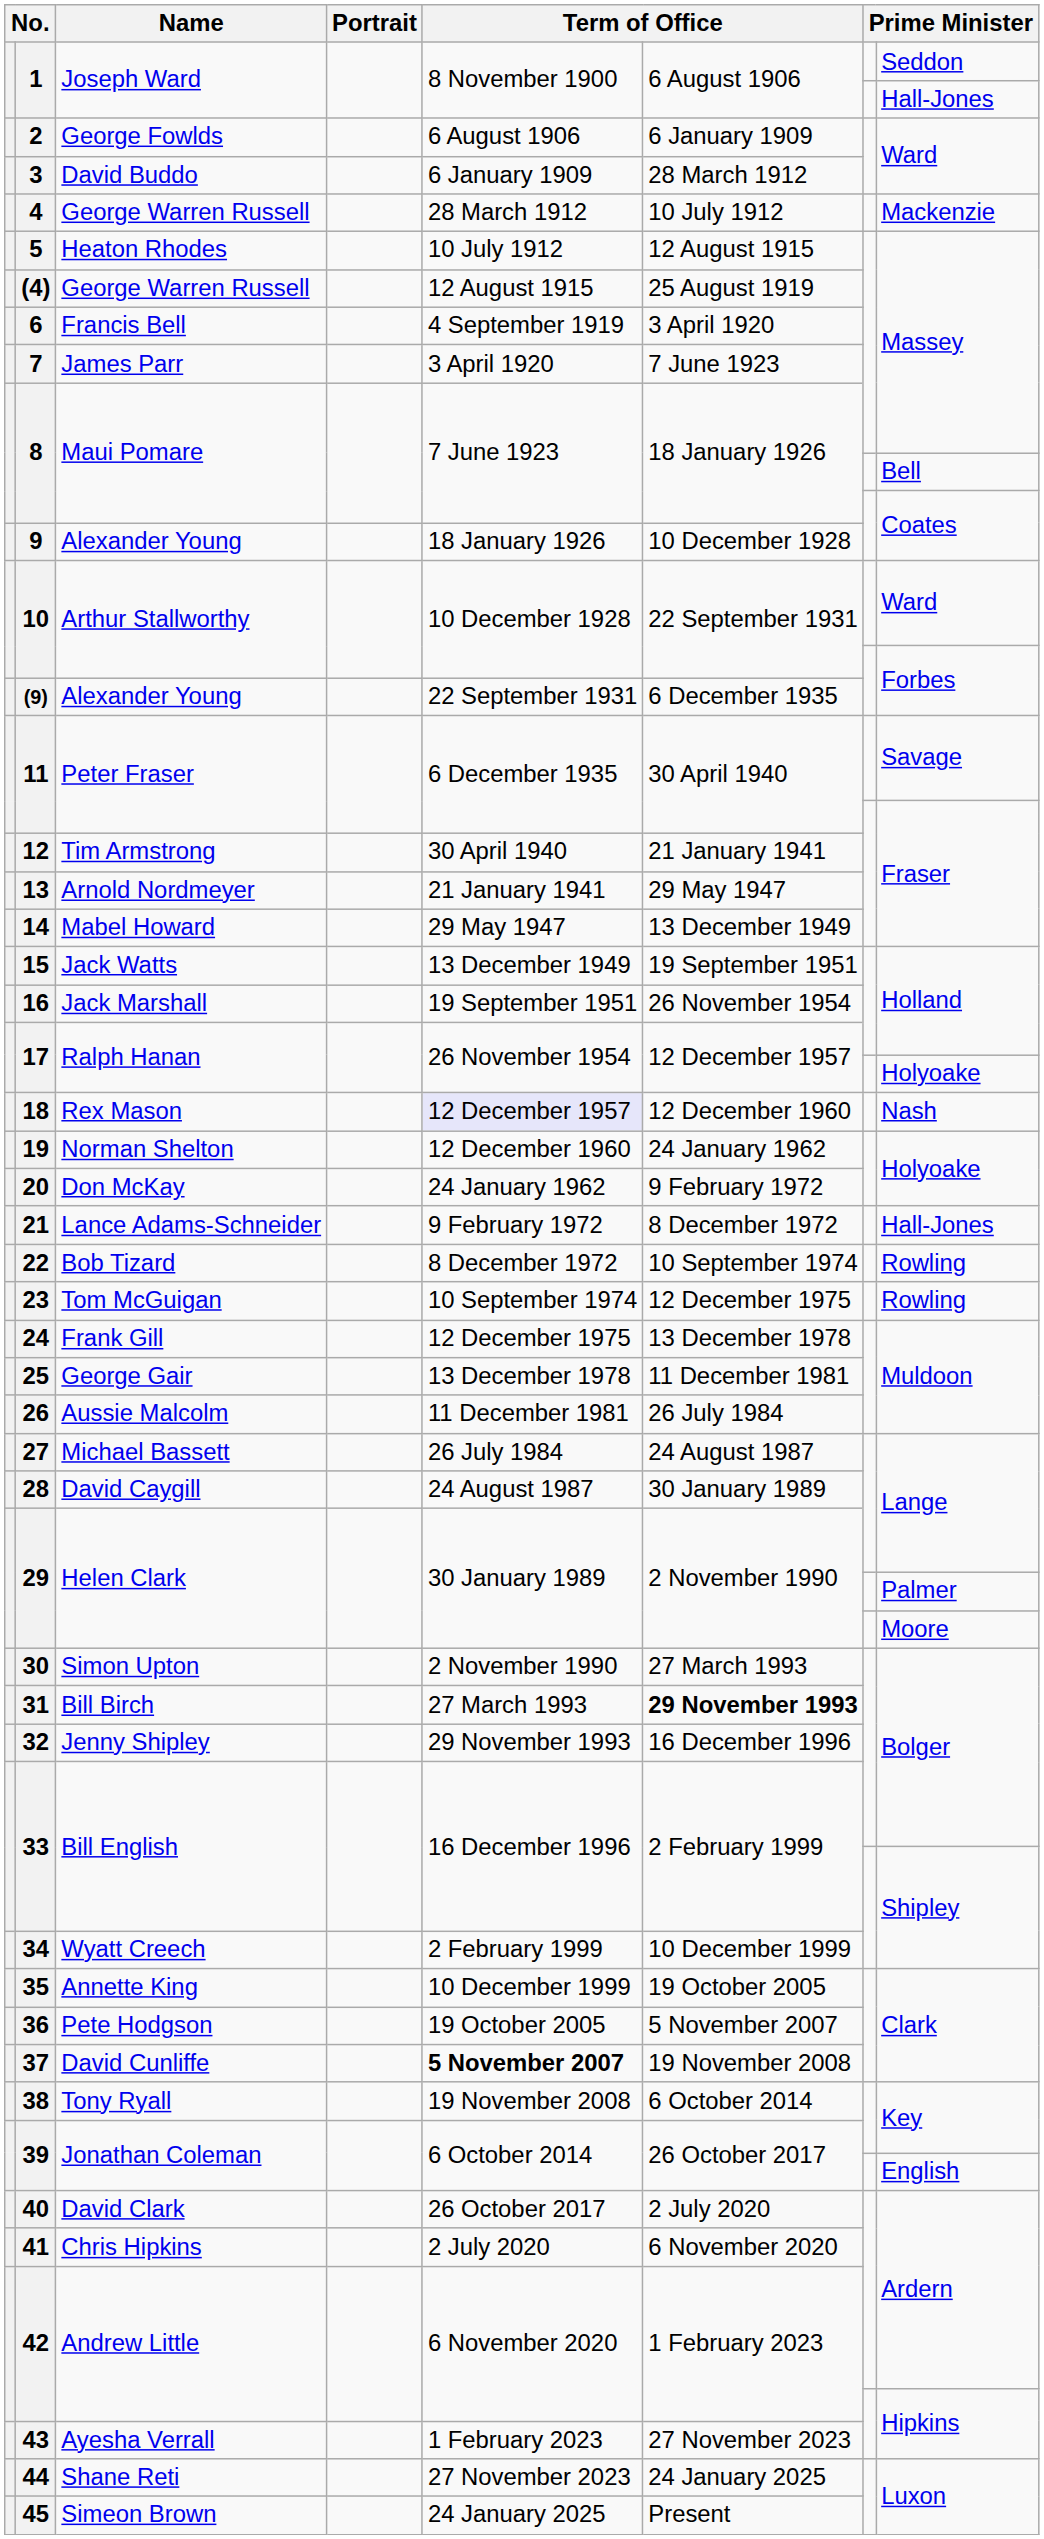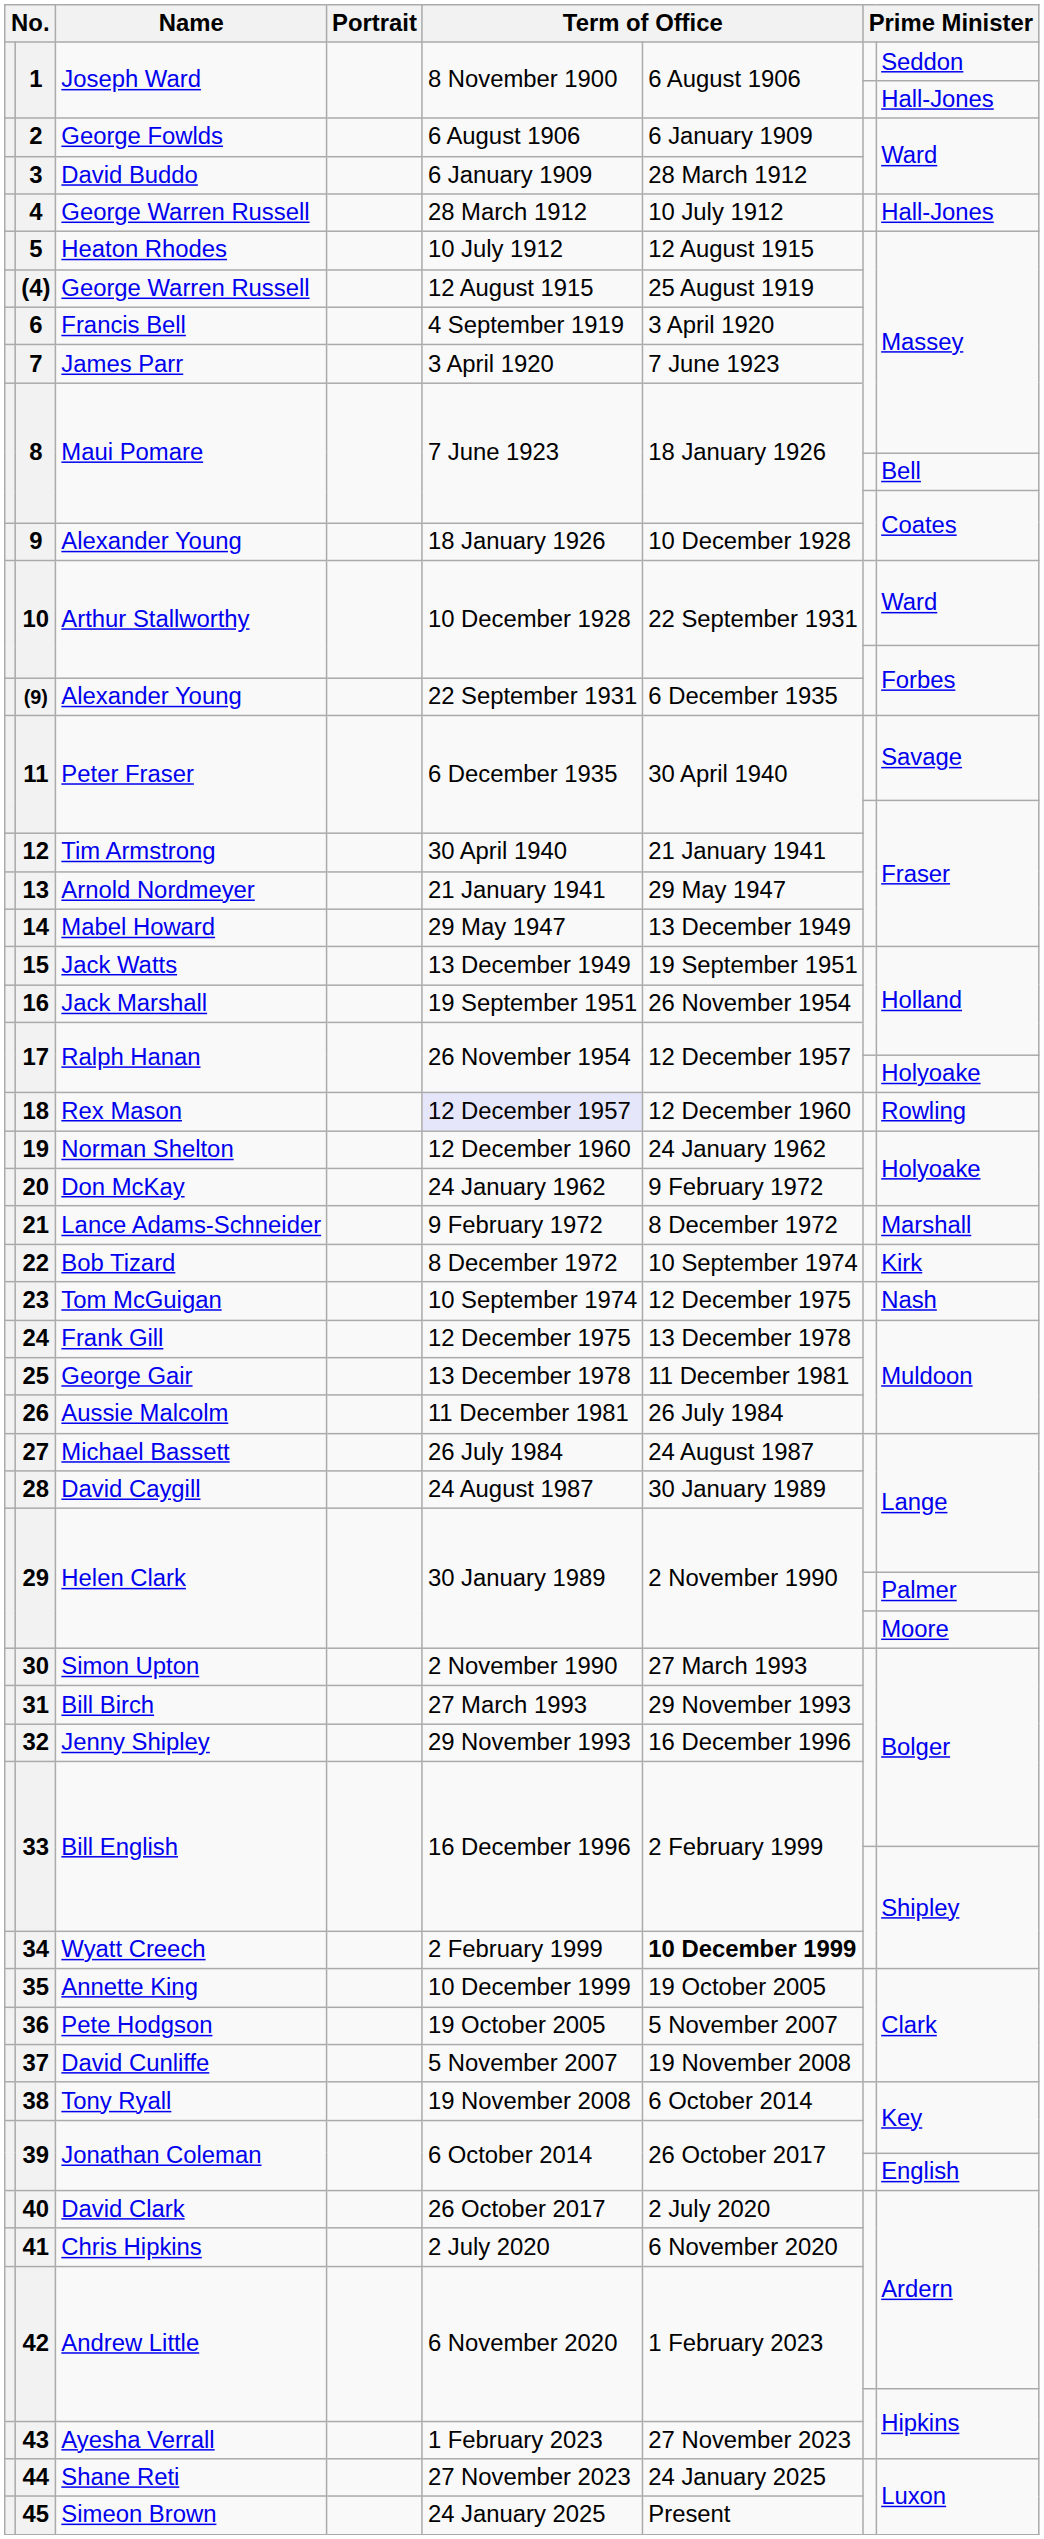 <table class="wikitable">
 <tr>
 <th colspan=2>No.</th>
 <th>Name</th>
 <th>Portrait</th>
 <th colspan=2>Term of Office</th>
 <th colspan=2>Prime Minister</th>
 </tr>
 <tr>
 <th rowspan=2 style="color:inherit;background:"></th>
 <th rowspan=2>1</th>
 <td rowspan=2><a href='#'>Joseph Ward</a></td>
 <td rowspan=2></td>
 <td rowspan=2>8 November 1900</td>
 <td rowspan=2>6 August 1906</td>
 <td width=1 style="color:inherit;background:"></td>
 <td><a href='#'>Seddon</a></td>
 </tr>
 <tr>
 <td style="color:inherit;background:"></td>
 <td><a href='#'>Hall-Jones</a></td>
 </tr>
 <tr>
 <th style="color:inherit;background:"></th>
 <th>2</th>
 <td><a href='#'>George Fowlds</a></td>
 <td></td>
 <td>6 August 1906</td>
 <td>6 January 1909</td>
 <td rowspan=2 style="color:inherit;background:"></td>
 <td rowspan=2><a href='#'>Ward</a></td>
 </tr>
 <tr>
 <th style="color:inherit;background:"></th>
 <th>3</th>
 <td><a href='#'>David Buddo</a></td>
 <td></td>
 <td>6 January 1909</td>
 <td>28 March 1912</td>
 </tr>
 <tr>
 <th style="color:inherit;background:"></th>
 <th>4</th>
 <td><a href='#'>George Warren Russell</a></td>
 <td></td>
 <td>28 March 1912</td>
 <td>10 July 1912</td>
 <td style="color:inherit;background:"></td>
-<td><a href='#'>Mackenzie</a></td>
+<td><a href='#'>Hall-Jones</a></td>
 </tr>
 <tr>
 <th style="color:inherit;background:"></th>
 <th>5</th>
 <td><a href='#'>Heaton Rhodes</a></td>
 <td></td>
 <td>10 July 1912</td>
 <td>12 August 1915</td>
 <td rowspan=4 style="border-bottom:solid 0 grey; background:"></td>
 <td rowspan=5><a href='#'>Massey</a></td>
 </tr>
 <tr>
 <th style="color:inherit;background:"></th>
 <th>(4)</th>
 <td><a href='#'>George Warren Russell</a></td>
 <td></td>
 <td>12 August 1915</td>
 <td>25 August 1919</td>
 </tr>
 <tr>
 <th style="color:inherit;background:"></th>
 <th>6</th>
 <td><a href='#'>Francis Bell</a></td>
 <td></td>
 <td>4 September 1919</td>
 <td>3 April 1920</td>
 </tr>
 <tr>
 <th style="color:inherit;background:"></th>
 <th>7</th>
 <td><a href='#'>James Parr</a></td>
 <td></td>
 <td>3 April 1920</td>
 <td>7 June 1923</td>
 </tr>
 <tr>
 <th rowspan=3 style="color:inherit;background:"></th>
 <th rowspan=3>8</th>
 <td rowspan=3><a href='#'>Maui Pomare</a></td>
 <td rowspan=3></td>
 <td rowspan=3>7 June 1923</td>
 <td rowspan=3>18 January 1926</td>
 <td height=40 style="border-top:solid 0 grey; background:"></td>
 </tr>
 <tr>
 <td height=15 style="color:inherit;background:"></td>
 <td><a href='#'>Bell</a></td>
 </tr>
 <tr>
 <td height=15 style="border-bottom:solid 0 grey; background:"></td>
 <td rowspan=2><a href='#'>Coates</a></td>
 </tr>
 <tr>
 <th style="color:inherit;background:"></th>
 <th>9</th>
 <td><a href='#'>Alexander Young</a></td>
 <td></td>
 <td>18 January 1926</td>
 <td>10 December 1928</td>
 <td style="border-top:solid 0 grey; background:"></td>
 </tr>
 <tr>
 <th height=50 style="border-bottom:solid 0 grey; background:"></th>
 <th rowspan=2>10</th>
 <td rowspan=2><a href='#'>Arthur Stallworthy</a></td>
 <td rowspan=2></td>
 <td rowspan=2>10 December 1928</td>
 <td rowspan=2>22 September 1931</td>
 <td style="color:inherit;background:"></td>
 <td><a href='#'>Ward</a></td>
 </tr>
 <tr>
 <th height=15 style="border-top:solid 0 grey; background:"></th>
 <td style="border-bottom:solid 0 grey; background:"></td>
 <td rowspan=2><a href='#'>Forbes</a></td>
 </tr>
 <tr>
 <th style="color:inherit;background:"></th>
 <th><small>(9)</small></th>
 <td><a href='#'>Alexander Young</a></td>
 <td></td>
 <td>22 September 1931</td>
 <td>6 December 1935</td>
 <td style="border-top:solid 0 grey; background:"></td>
 </tr>
 <tr>
 <th height=50 style="border-bottom:solid 0 grey; background:"></th>
 <th rowspan=2>11</th>
 <td rowspan=2><a href='#'>Peter Fraser</a></td>
 <td rowspan=2></td>
 <td rowspan=2>6 December 1935</td>
 <td rowspan=2>30 April 1940</td>
 <td style="color:inherit;background:"></td>
 <td><a href='#'>Savage</a></td>
 </tr>
 <tr>
 <th height=15 style="border-top:solid 0 grey; background:"></th>
 <td style="border-bottom:solid 0 grey; background:"></td>
 <td rowspan=4><a href='#'>Fraser</a></td>
 </tr>
 <tr>
 <th style="color:inherit;background:"></th>
 <th>12</th>
 <td><a href='#'>Tim Armstrong</a></td>
 <td></td>
 <td>30 April 1940</td>
 <td>21 January 1941</td>
 <td rowspan=3 style="border-top:solid 0 grey; background:"></td>
 </tr>
 <tr>
 <th style="color:inherit;background:"></th>
 <th>13</th>
 <td><a href='#'>Arnold Nordmeyer</a></td>
 <td></td>
 <td>21 January 1941</td>
 <td>29 May 1947</td>
 </tr>
 <tr>
 <th style="color:inherit;background:"></th>
 <th>14</th>
 <td><a href='#'>Mabel Howard</a></td>
 <td></td>
 <td>29 May 1947</td>
 <td>13 December 1949</td>
 </tr>
 <tr>
 <th style="color:inherit;background:"></th>
 <th>15</th>
 <td><a href='#'>Jack Watts</a></td>
 <td></td>
 <td>13 December 1949</td>
 <td>19 September 1951</td>
 <td rowspan=2 style="border-bottom:solid 0 grey; background:"></td>
 <td rowspan=3><a href='#'>Holland</a></td>
 </tr>
 <tr>
 <th style="color:inherit;background:"></th>
 <th>16</th>
 <td><a href='#'>Jack Marshall</a></td>
 <td></td>
 <td>19 September 1951</td>
 <td>26 November 1954</td>
 </tr>
 <tr>
 <th rowspan=2 style="color:inherit;background:"></th>
 <th rowspan=2>17</th>
 <td rowspan=2><a href='#'>Ralph Hanan</a></td>
 <td rowspan=2></td>
 <td rowspan=2>26 November 1954</td>
 <td rowspan=2>12 December 1957</td>
 <td height=15 style="border-top:solid 0 grey; background:"></td>
 </tr>
 <tr>
 <td height=15 style="color:inherit;background:"></td>
 <td><a href='#'>Holyoake</a></td>
 </tr>
 <tr>
 <th style="color:inherit;background:"></th>
 <th>18</th>
 <td><a href='#'>Rex Mason</a></td>
 <td></td>
 <td style="background: lavender;">12 December 1957</td>
 <td>12 December 1960</td>
 <td style="color:inherit;background:"></td>
-<td><a href='#'>Nash</a></td>
+<td><a href='#'>Rowling</a></td>
 </tr>
 <tr>
 <th style="color:inherit;background:"></th>
 <th>19</th>
 <td><a href='#'>Norman Shelton</a></td>
 <td></td>
 <td>12 December 1960</td>
 <td>24 January 1962</td>
 <td rowspan=2 style="color:inherit;background:"></td>
 <td rowspan=2><a href='#'>Holyoake</a></td>
 </tr>
 <tr>
 <th style="color:inherit;background:"></th>
 <th>20</th>
 <td><a href='#'>Don McKay</a></td>
 <td></td>
 <td>24 January 1962</td>
 <td>9 February 1972</td>
 </tr>
 <tr>
 <th style="color:inherit;background:"></th>
 <th>21</th>
 <td><a href='#'>Lance Adams-Schneider</a></td>
 <td></td>
 <td>9 February 1972</td>
 <td>8 December 1972</td>
 <td style="color:inherit;background:"></td>
-<td><a href='#'>Hall-Jones</a></td>
+<td><a href='#'>Marshall</a></td>
 </tr>
 <tr>
 <th style="color:inherit;background:"></th>
 <th>22</th>
 <td><a href='#'>Bob Tizard</a></td>
 <td></td>
 <td>8 December 1972</td>
 <td>10 September 1974</td>
 <td style="color:inherit;background:"></td>
-<td><a href='#'>Rowling</a></td>
+<td><a href='#'>Kirk</a></td>
 </tr>
 <tr>
 <th style="color:inherit;background:"></th>
 <th>23</th>
 <td><a href='#'>Tom McGuigan</a></td>
 <td></td>
 <td>10 September 1974</td>
 <td>12 December 1975</td>
 <td style="color:inherit;background:"></td>
-<td><a href='#'>Rowling</a></td>
+<td><a href='#'>Nash</a></td>
 </tr>
 <tr>
 <th style="color:inherit;background:"></th>
 <th>24</th>
 <td><a href='#'>Frank Gill</a></td>
 <td></td>
 <td>12 December 1975</td>
 <td>13 December 1978</td>
 <td rowspan=3 style="color:inherit;background:"></td>
 <td rowspan=3><a href='#'>Muldoon</a></td>
 </tr>
 <tr>
 <th style="color:inherit;background:"></th>
 <th>25</th>
 <td><a href='#'>George Gair</a></td>
 <td></td>
 <td>13 December 1978</td>
 <td>11 December 1981</td>
 </tr>
 <tr>
 <th style="color:inherit;background:"></th>
 <th>26</th>
 <td><a href='#'>Aussie Malcolm</a></td>
 <td></td>
 <td>11 December 1981</td>
 <td>26 July 1984</td>
 </tr>
 <tr>
 <th style="color:inherit;background:"></th>
 <th>27</th>
 <td><a href='#'>Michael Bassett</a></td>
 <td></td>
 <td>26 July 1984</td>
 <td>24 August 1987</td>
 <td rowspan=2 style="border-bottom:solid 0 grey; background:"></td>
 <td rowspan=3><a href='#'>Lange</a></td>
 </tr>
 <tr>
 <th style="color:inherit;background:"></th>
 <th>28</th>
 <td><a href='#'>David Caygill</a></td>
 <td></td>
 <td>24 August 1987</td>
 <td>30 January 1989</td>
 </tr>
 <tr>
 <th rowspan=3 style="color:inherit;background:"></th>
 <th rowspan=3>29</th>
 <td rowspan=3><a href='#'>Helen Clark</a></td>
 <td rowspan=3></td>
 <td rowspan=3>30 January 1989</td>
 <td rowspan=3>2 November 1990</td>
 <td height=36 style="border-top:solid 0 grey; background:"></td>
 </tr>
 <tr>
 <td style="color:inherit;background:"></td>
 <td><a href='#'>Palmer</a></td>
 </tr>
 <tr>
 <td style="color:inherit;background:"></td>
 <td><a href='#'>Moore</a></td>
 </tr>
 <tr>
 <th style="color:inherit;background:"></th>
 <th>30</th>
 <td><a href='#'>Simon Upton</a></td>
 <td></td>
 <td>2 November 1990</td>
 <td>27 March 1993</td>
 <td rowspan="4" style="color:inherit;background:"></td>
 <td rowspan="4"><a href='#'>Bolger</a></td>
 </tr>
 <tr>
 <th style="color:inherit;background:"></th>
 <th>31</th>
 <td><a href='#'>Bill Birch</a></td>
 <td></td>
 <td>27 March 1993</td>
-<td><strong>29 November 1993</strong></td>
+<td>29 November 1993</td>
 </tr>
 <tr>
 <th style="color:inherit;background:"></th>
 <th>32</th>
 <td><a href='#'>Jenny Shipley</a></td>
 <td></td>
 <td>29 November 1993</td>
 <td>16 December 1996</td>
 </tr>
 <tr>
 <th height=50 style="border-bottom:solid 0 grey; background:"></th>
 <th rowspan="2">33</th>
 <td rowspan="2"><a href='#'>Bill English</a></td>
 <td rowspan="2"></td>
 <td rowspan="2">16 December 1996</td>
 <td rowspan="2">2 February 1999</td>
 </tr>
 <tr>
 <th height=50 style="border-top:solid 0 grey; background:"></th>
 <td rowspan="2" style="color:inherit;background:"></td>
 <td rowspan="2"><a href='#'>Shipley</a></td>
 </tr>
 <tr>
 <th style="color:inherit;background:"></th>
 <th>34</th>
 <td><a href='#'>Wyatt Creech</a></td>
 <td></td>
 <td>2 February 1999</td>
-<td>10 December 1999</td>
+<td><strong>10 December 1999</strong></td>
 </tr>
 <tr>
 <th style="color:inherit;background:"></th>
 <th>35</th>
 <td><a href='#'>Annette King</a></td>
 <td></td>
 <td>10 December 1999</td>
 <td>19 October 2005</td>
 <td rowspan=3 style="color:inherit;background:"></td>
 <td rowspan=3><a href='#'>Clark</a></td>
 </tr>
 <tr>
 <th style="color:inherit;background:"></th>
 <th>36</th>
 <td><a href='#'>Pete Hodgson</a></td>
 <td></td>
 <td>19 October 2005</td>
 <td>5 November 2007</td>
 </tr>
 <tr>
 <th style="color:inherit;background:"></th>
 <th>37</th>
 <td><a href='#'>David Cunliffe</a></td>
 <td></td>
-<td><strong>5 November 2007</strong></td>
+<td>5 November 2007</td>
 <td>19 November 2008</td>
 </tr>
 <tr>
 <th style="color:inherit;background:"></th>
 <th>38</th>
 <td><a href='#'>Tony Ryall</a></td>
 <td></td>
 <td>19 November 2008</td>
 <td>6 October 2014</td>
 <td rowspan="2" style="color:inherit;background:"></td>
 <td rowspan="2"><a href='#'>Key</a></td>
 </tr>
 <tr>
 <th height=15 style="border-bottom:solid 0 grey; background:"></th>
 <th rowspan="2">39</th>
 <td rowspan="2"><a href='#'>Jonathan Coleman</a></td>
 <td rowspan="2"></td>
 <td rowspan="2">6 October 2014</td>
 <td rowspan="2">26 October 2017</td>
 </tr>
 <tr>
 <th height=15 style="border-top:solid 0 grey; background:"></th>
 <td style="color:inherit;background:"></td>
 <td><a href='#'>English</a></td>
 </tr>
 <tr>
 <th style="color:inherit;background:"></th>
 <th>40</th>
 <td><a href='#'>David Clark</a></td>
 <td></td>
 <td>26 October 2017</td>
 <td>2 July 2020</td>
 <td rowspan=3 style="color:inherit;background:"></td>
 <td rowspan=3><a href='#'>Ardern</a></td>
 </tr>
 <tr>
 <th style="color:inherit;background:"></th>
 <th>41</th>
 <td><a href='#'>Chris Hipkins</a></td>
 <td></td>
 <td>2 July 2020</td>
 <td>6 November 2020</td>
 </tr>
 <tr>
 <th height=75 style="border-bottom:solid 0 grey; background:"></th>
 <th rowspan=2>42</th>
 <td rowspan=2><a href='#'>Andrew Little</a></td>
 <td rowspan=2></td>
 <td rowspan=2>6 November 2020</td>
 <td rowspan=2>1 February 2023</td>
 </tr>
 <tr>
 <th height=15 style="border-top:solid 0 grey; background:"></th>
 <td rowspan=2 style="color:inherit;background:"></td>
 <td rowspan=2><a href='#'>Hipkins</a></td>
 </tr>
 <tr>
 <th style="color:inherit;background:"></th>
 <th>43</th>
 <td><a href='#'>Ayesha Verrall</a></td>
 <td></td>
 <td>1 February 2023</td>
 <td>27 November 2023</td>
 </tr>
 <tr>
 <th style="color:inherit;background:"></th>
 <th>44</th>
 <td><a href='#'>Shane Reti</a></td>
 <td></td>
 <td>27 November 2023</td>
 <td>24 January 2025</td>
 <td rowspan=2 style="color:inherit;background:"></td>
 <td rowspan="2"><a href='#'>Luxon</a></td>
 </tr>
 <tr>
 <th style="color:inherit;background:"></th>
 <th>45</th>
 <td><a href='#'>Simeon Brown</a></td>
 <td></td>
 <td>24 January 2025</td>
 <td>Present</td>
 </tr>
 </table>
